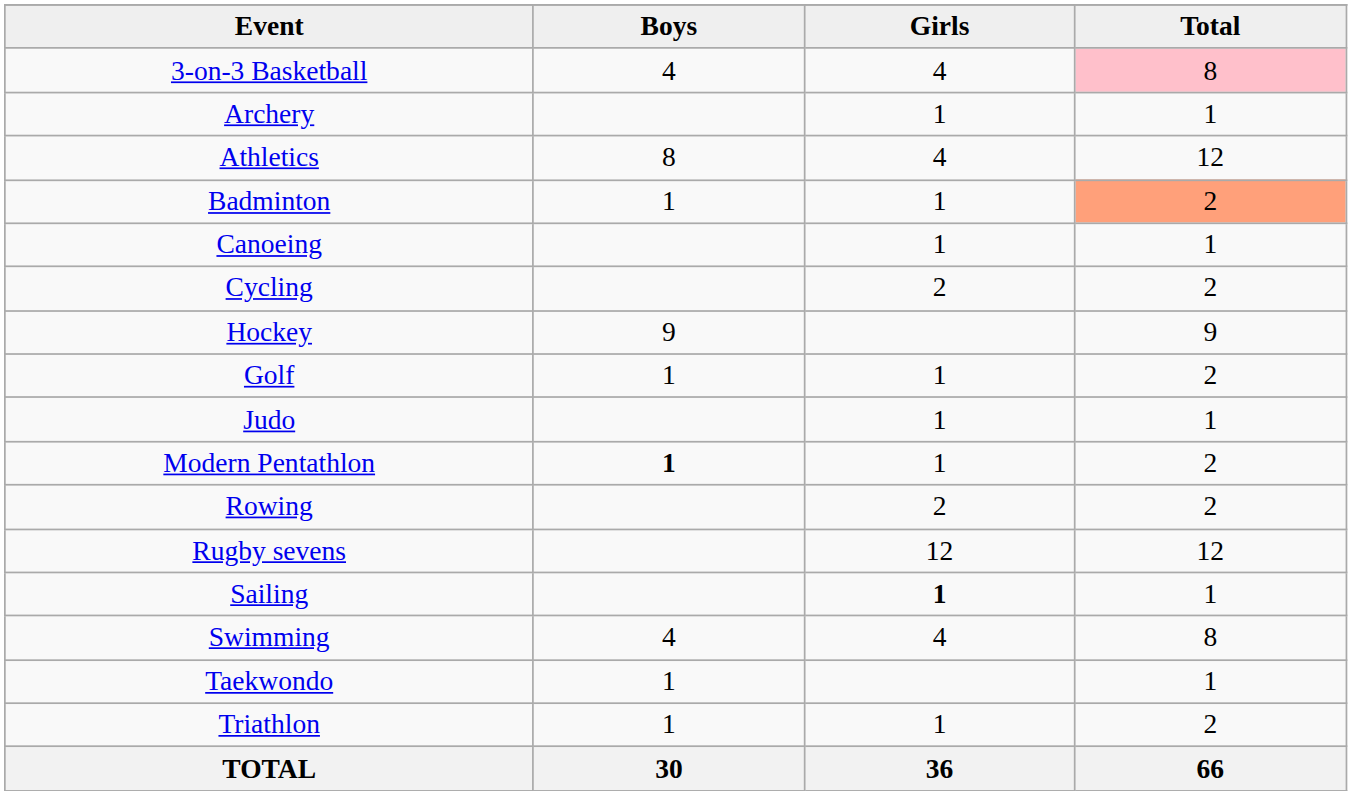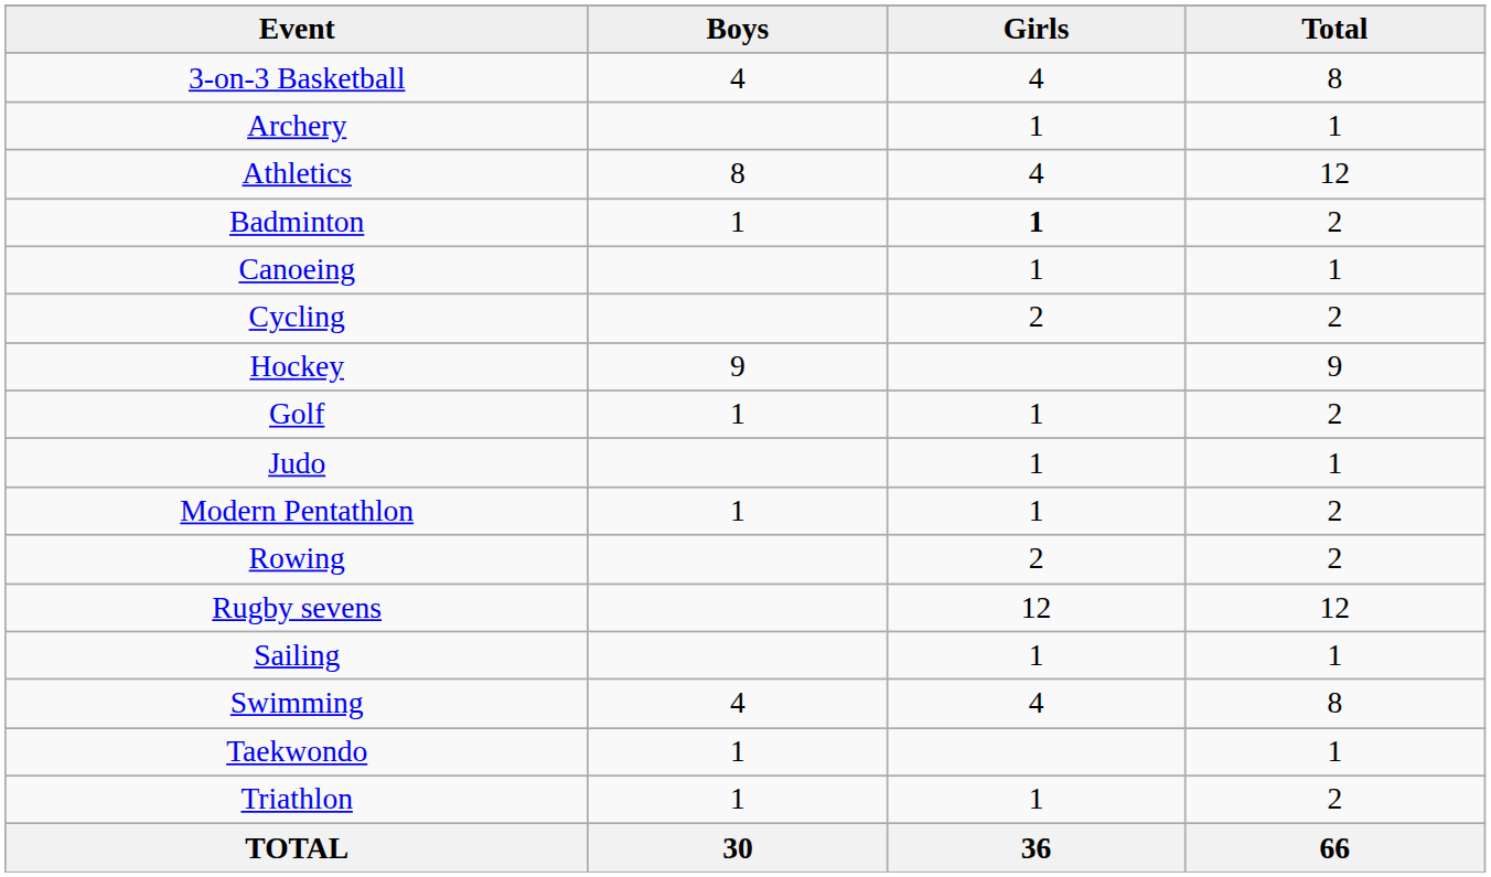 <table class="wikitable sortable" border="2" style="text-align:center">
 <tr>
 </tr>
 <tr bgcolor="#efefef">
 <td width=300><strong>Event</strong></td>
 <td width=150><strong>Boys</strong></td>
 <td width=150><strong>Girls</strong></td>
 <td width=150><strong>Total</strong></td>
 </tr>
 <tr align="center">
 <td> <a href='#'>3-on-3 Basketball</a></td>
 <td>4</td>
 <td>4</td>
-<td style="background: pink;">8</td>
+<td>8</td>
 </tr>
 <tr>
 <td> <a href='#'>Archery</a></td>
 <td></td>
 <td>1</td>
 <td>1</td>
 </tr>
 <tr>
 <td> <a href='#'>Athletics</a></td>
 <td>8</td>
 <td>4</td>
 <td>12</td>
 </tr>
 <tr>
 <td> <a href='#'>Badminton</a></td>
 <td>1</td>
-<td>1</td>
-<td style="background: lightsalmon;">2</td>
+<td><strong>1</strong></td>
+<td>2</td>
 </tr>
 <tr>
 <td> <a href='#'>Canoeing</a></td>
 <td></td>
 <td>1</td>
 <td>1</td>
 </tr>
 <tr>
 <td> <a href='#'>Cycling</a></td>
 <td></td>
 <td>2</td>
 <td>2</td>
 </tr>
 <tr>
 <td> <a href='#'>Hockey</a></td>
 <td>9</td>
 <td></td>
 <td>9</td>
 </tr>
 <tr>
 <td> <a href='#'>Golf</a></td>
 <td>1</td>
 <td>1</td>
 <td>2</td>
 </tr>
 <tr>
 <td> <a href='#'>Judo</a></td>
 <td></td>
 <td>1</td>
 <td>1</td>
 </tr>
 <tr>
 <td> <a href='#'>Modern Pentathlon</a></td>
-<td><strong>1</strong></td>
+<td>1</td>
 <td>1</td>
 <td>2</td>
 </tr>
 <tr>
 <td> <a href='#'>Rowing</a></td>
 <td></td>
 <td>2</td>
 <td>2</td>
 </tr>
 <tr>
 <td> <a href='#'>Rugby sevens</a></td>
 <td></td>
 <td>12</td>
 <td>12</td>
 </tr>
 <tr>
 <td> <a href='#'>Sailing</a></td>
 <td></td>
-<td><strong>1</strong></td>
+<td>1</td>
 <td>1</td>
 </tr>
 <tr>
 <td> <a href='#'>Swimming</a></td>
 <td>4</td>
 <td>4</td>
 <td>8</td>
 </tr>
 <tr>
 <td> <a href='#'>Taekwondo</a></td>
 <td>1</td>
 <td></td>
 <td>1</td>
 </tr>
 <tr>
 <td> <a href='#'>Triathlon</a></td>
 <td>1</td>
 <td>1</td>
 <td>2</td>
 </tr>
 <tr align="center">
 <th>TOTAL</th>
 <th>30</th>
 <th>36</th>
 <th>66</th>
 </tr>
 </table>
